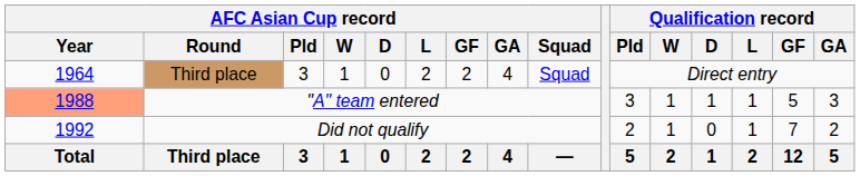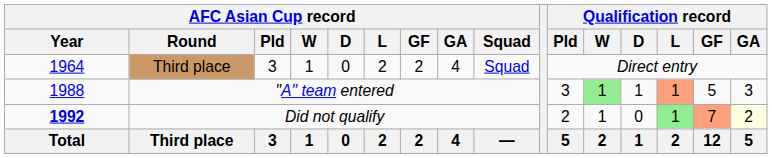 <table class="wikitable" style="text-align: center;">
 <tr>
 <th colspan="9"><a href='#'>AFC Asian Cup</a> record</th>
 <th style="width:1" rowspan="6"></th>
 <th colspan=6><a href='#'>Qualification</a> record</th>
 </tr>
 <tr>
 <th width="120">Year</th>
 <th width="120">Round</th>
 <th width="30">Pld</th>
 <th width="30">W</th>
 <th width="30">D</th>
 <th width="30">L</th>
 <th width="30">GF</th>
 <th width="30">GA</th>
 <th width="60">Squad</th>
 <th width="30">Pld</th>
 <th width="30">W</th>
 <th width="30">D</th>
 <th width="30">L</th>
 <th width="30">GF</th>
 <th width="30">GA</th>
 </tr>
 <tr>
 <td> <a href='#'>1964</a></td>
 <td style="background:#c96;">Third place</td>
 <td>3</td>
 <td>1</td>
 <td>0</td>
 <td>2</td>
 <td>2</td>
 <td>4</td>
 <td><a href='#'>Squad</a></td>
 <td colspan=6><em>Direct entry</em></td>
 </tr>
 <tr>
-<td style="background: lightsalmon;"> <a href='#'>1988</a></td>
+<td> <a href='#'>1988</a></td>
 <td colspan="8"><em>"<a href='#'>A" team</a> entered</em></td>
 <td>3</td>
+<td style="background: lightgreen;">1</td>
 <td>1</td>
-<td>1</td>
-<td>1</td>
+<td style="background: lightsalmon;">1</td>
 <td>5</td>
 <td>3</td>
 </tr>
 <tr>
-<td> <a href='#'>1992</a></td>
+<td><strong> <a href='#'>1992</a></strong></td>
 <td colspan="8"><em>Did not qualify</em></td>
 <td>2</td>
 <td>1</td>
 <td>0</td>
-<td>1</td>
-<td>7</td>
-<td>2</td>
+<td style="background: lightgreen;">1</td>
+<td style="background: lightsalmon;">7</td>
+<td style="background: lightyellow;">2</td>
 </tr>
 <tr>
 <th>Total</th>
 <th>Third place</th>
 <th>3</th>
 <th>1</th>
 <th>0</th>
 <th>2</th>
 <th>2</th>
 <th>4</th>
 <th>—</th>
 <th>5</th>
 <th>2</th>
 <th>1</th>
 <th>2</th>
 <th>12</th>
 <th>5</th>
 </tr>
 </table>
